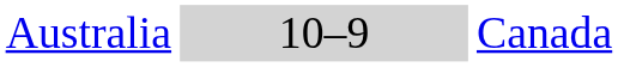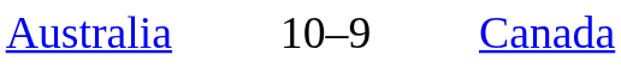 <table style="text-align:center">
 <tr>
 <th width=200></th>
 <th width=100></th>
 <th width=200></th>
 </tr>
 <tr>
 <td align=right><a href='#'>Australia</a> </td>
-<td style="background: lightgrey;">10–9</td>
+<td>10–9</td>
 <td align=left> <a href='#'>Canada</a></td>
 </tr>
 </table>
